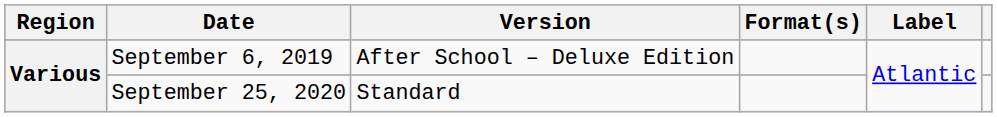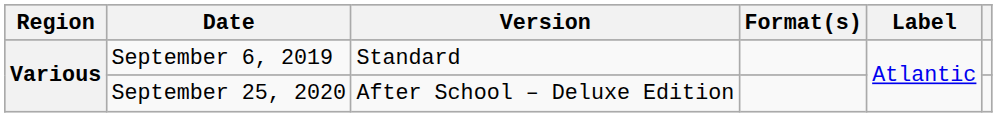 <table class="wikitable plainrowheaders">
 <tr>
 <th scope="col">Region</th>
 <th scope="col">Date</th>
 <th scope="col">Version</th>
 <th scope="col">Format(s)</th>
 <th scope="col">Label</th>
 <th scope="col"></th>
 </tr>
 <tr>
 <th scope="row" rowspan="2">Various</th>
 <td>September 6, 2019</td>
-<td>After School – Deluxe Edition</td>
+<td>Standard</td>
 <td></td>
 <td rowspan="2"><a href='#'>Atlantic</a></td>
 <td></td>
 </tr>
 <tr>
 <td>September 25, 2020</td>
-<td>Standard</td>
+<td>After School – Deluxe Edition</td>
 <td></td>
 <td></td>
 </tr>
 </table>
